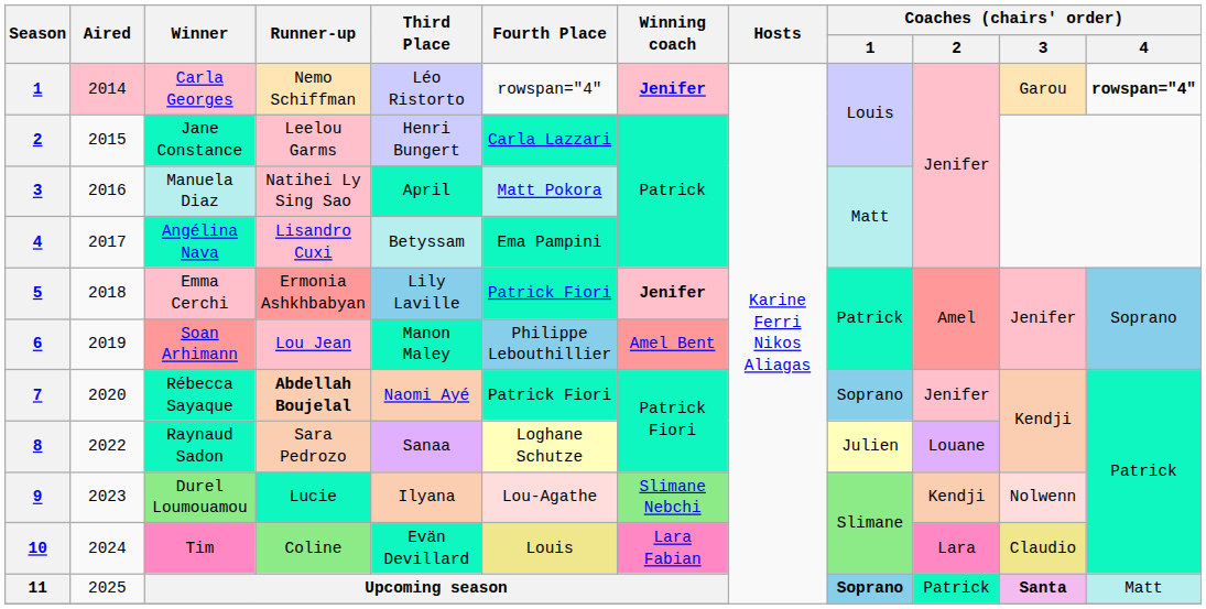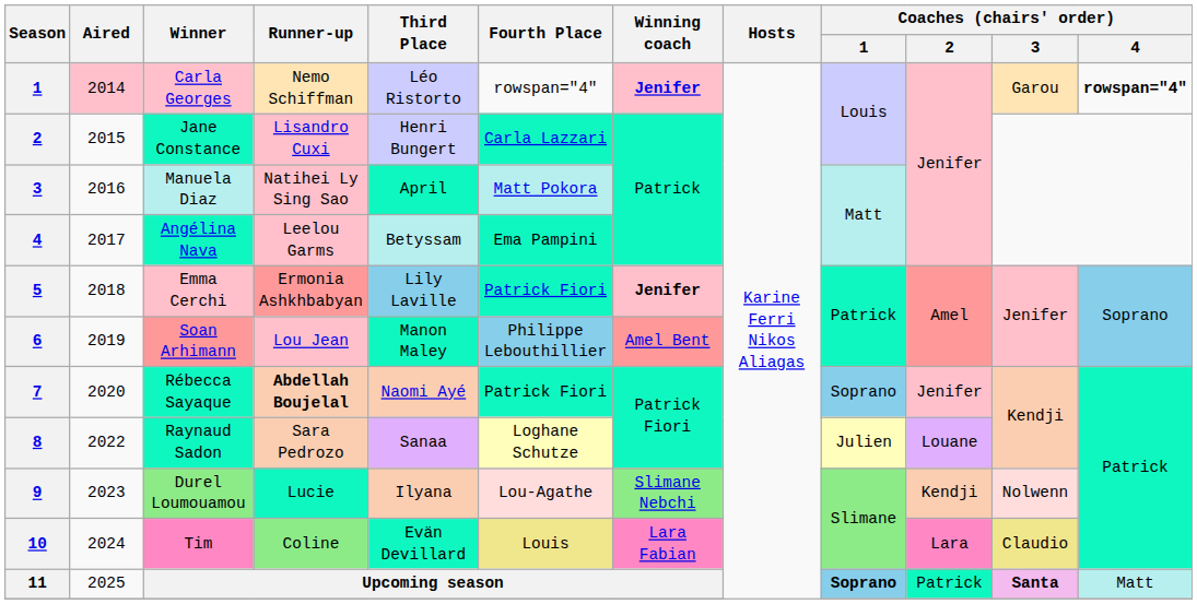 <table class="wikitable" style="text-align:center; font-size:90%; line-height:16px; width:100%">
 <tr>
 <th rowspan="2" scope="col" width="1%">Season</th>
 <th rowspan="2" scope="col" width="6%">Aired</th>
 <th rowspan="2" scope="col" width="9%">Winner</th>
 <th rowspan="2" scope="col" width="9%">Runner-up</th>
 <th rowspan="2" scope="col" width="9%">Third Place</th>
 <th rowspan="2" scope="col" width="9%">Fourth Place</th>
 <th rowspan="2" scope="col" width="9%">Winning coach</th>
 <th rowspan="2" scope="col" width="8%">Hosts</th>
 <th colspan="4" scope="row">Coaches (chairs' order)</th>
 </tr>
 <tr>
 <th width="7%">1</th>
 <th width="7%">2</th>
 <th width="7%">3</th>
 <th width="7%">4</th>
 </tr>
 <tr>
 <th><a href='#'>1</a></th>
 <td style="background: pink;">2014</td>
 <td style="background: Pink"><a href='#'>Carla Georges</a></td>
 <td style="background:#ffe5b4">Nemo Schiffman</td>
 <td style="background:#ccccff">Léo Ristorto</td>
 <td>rowspan="4" </td>
 <td style="background: pink"><strong><a href='#'>Jenifer</a></strong></td>
 <td rowspan="14"><a href='#'>Karine Ferri</a><br><a href='#'>Nikos Aliagas</a></td>
 <td style="background:#ccccff" rowspan="2">Louis</td>
 <td style="background: pink" rowspan="4">Jenifer</td>
 <td style="background:#ffe5b4">Garou</td>
 <td><strong>rowspan="4" </strong></td>
 </tr>
 <tr>
 <th><a href='#'>2</a></th>
 <td>2015</td>
 <td style="background:#0ff7c0">Jane Constance</td>
-<td style="background: pink">Leelou Garms</td>
+<td style="background: pink"><a href='#'>Lisandro Cuxi</a></td>
 <td style="background:#ccccff">Henri Bungert</td>
 <td style="background:#0ff7c0"><a href='#'>Carla Lazzari</a></td>
 <td style="background:#0ff7c0" rowspan="3">Patrick</td>
 </tr>
 <tr>
 <th><a href='#'>3</a></th>
 <td>2016</td>
 <td style="background:#b7efef">Manuela Diaz</td>
 <td style="background: pink">Natihei Ly Sing Sao</td>
 <td style="background:#0ff7c0">April</td>
 <td style="background:#b7efef"><a href='#'>Matt Pokora</a></td>
 <td style="background:#b7efef" rowspan="2">Matt</td>
 </tr>
 <tr>
 <th><a href='#'>4</a></th>
 <td>2017</td>
 <td style="background:#0ff7c0"><a href='#'>Angélina Nava</a></td>
-<td style="background: pink"><a href='#'>Lisandro Cuxi</a></td>
+<td style="background: pink">Leelou Garms</td>
 <td style="background:#b7efef">Betyssam</td>
 <td style="background:#0ff7c0">Ema Pampini</td>
 </tr>
 <tr>
 <th><a href='#'>5</a></th>
 <td>2018</td>
 <td style="background: pink">Emma Cerchi</td>
 <td style="background:#ff9999">Ermonia Ashkhbabyan</td>
 <td style="background:#87ceeb">Lily Laville</td>
 <td style="background:#0ff7c0"><a href='#'>Patrick Fiori</a></td>
 <td style="background: Pink"><strong>Jenifer</strong></td>
 <td style="background:#0ff7c0" rowspan="2">Patrick</td>
 <td style="background:#ff9999" rowspan="2">Amel</td>
 <td style="background: pink" rowspan="2">Jenifer</td>
 <td style="background:#87ceeb" rowspan="2">Soprano</td>
 </tr>
 <tr>
 <th><a href='#'>6</a></th>
 <td>2019</td>
 <td style="background:#ff9999"><a href='#'>Soan Arhimann</a></td>
 <td style="background: pink"><a href='#'>Lou Jean</a></td>
 <td style="background:#0ff7c0">Manon Maley</td>
 <td style="background:#87ceeb">Philippe Lebouthillier</td>
 <td style="background:#ff9999"><a href='#'>Amel Bent</a></td>
 </tr>
 <tr>
 <th><a href='#'>7</a></th>
 <td>2020</td>
 <td style="background:#0ff7c0">Rébecca Sayaque</td>
 <td style="background:#FBCEB1"><strong>Abdellah Boujelal</strong></td>
 <td style="background:#FBCEB1"><a href='#'>Naomi Ayé</a></td>
 <td style="background:#0ff7c0">Patrick Fiori</td>
 <td style="background:#0ff7c0" rowspan="2">Patrick Fiori</td>
 <td style="background:#87ceeb">Soprano</td>
 <td style="background: pink">Jenifer</td>
 <td rowspan="2" style="background:#FBCEB1">Kendji</td>
 <td rowspan="4" style="background:#0ff7c0">Patrick</td>
 </tr>
 <tr>
 <th><a href='#'>8</a></th>
 <td>2022</td>
 <td style="background:#0ff7c0">Raynaud Sadon</td>
 <td style="background:#FBCEB1">Sara Pedrozo</td>
 <td style="background:#E0B0FF">Sanaa</td>
 <td style="background:#ffffbb">Loghane Schutze</td>
 <td style="background:#ffffbb">Julien</td>
 <td style="background:#E0B0FF">Louane</td>
 </tr>
 <tr>
 <th scope="row"><a href='#'>9</a></th>
 <td>2023</td>
 <td style="background:#8deb87">Durel Loumouamou</td>
 <td style="background:#0ff7c0">Lucie</td>
 <td style="background:#FBCEB1">Ilyana</td>
 <td style="background:#ffdddd">Lou-Agathe</td>
 <td style="background:#8deb87"><a href='#'>Slimane Nebchi</a></td>
 <td rowspan="2" style="background:#8deb87">Slimane</td>
 <td style="background:#FBCEB1">Kendji</td>
 <td style="background:#ffdddd">Nolwenn</td>
 </tr>
 <tr>
 <th scope="row"><a href='#'>10</a></th>
 <td>2024</td>
 <td style="background:#FF87C3">Tim</td>
 <td style="background:#8deb87">Coline</td>
 <td style="background:#0ff7c0">Evän Devillard</td>
 <td style="background:khaki">Louis </td>
 <td style="background:#FF87C3"><a href='#'>Lara Fabian</a></td>
 <td style="background:#FF87C3">Lara</td>
 <td style="background:khaki">Claudio</td>
 </tr>
 <tr>
 <th>11</th>
 <td>2025</td>
 <th colspan=5>Upcoming season</th>
 <td style="background:#87ceeb"><strong>Soprano</strong></td>
 <td style="background:#0ff7c0">Patrick</td>
 <td style="background:#f4bbee"><strong>Santa</strong></td>
 <td style="background:#b7efef">Matt</td>
 </tr>
 <tr>
 </tr>
 </table>
